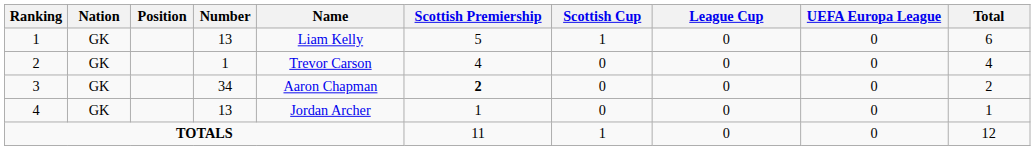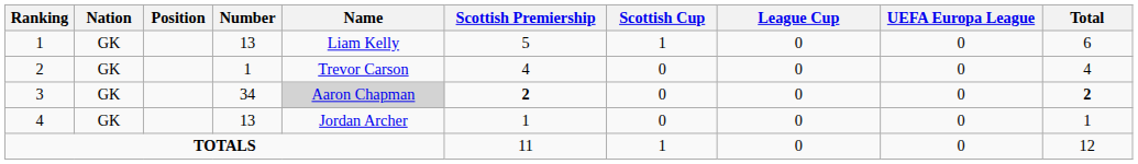 <table class="wikitable" style="font-size: 95%; text-align: center">
 <tr>
 <th width=60>Ranking</th>
 <th width=60>Nation</th>
 <th width=60>Position</th>
 <th width=60>Number</th>
 <th width=150>Name</th>
 <th width=150><a href='#'>Scottish Premiership</a></th>
 <th width=100><a href='#'>Scottish Cup</a></th>
 <th width=150><a href='#'>League Cup</a></th>
 <th width=150><a href='#'>UEFA Europa League</a></th>
 <th width=80>Total</th>
 </tr>
 <tr>
 <td>1</td>
 <td>GK</td>
 <td></td>
 <td>13</td>
 <td><a href='#'>Liam Kelly</a></td>
 <td>5</td>
 <td>1</td>
 <td>0</td>
 <td>0</td>
 <td>6</td>
 </tr>
 <tr>
 <td>2</td>
 <td>GK</td>
 <td></td>
 <td>1</td>
 <td><a href='#'>Trevor Carson</a></td>
 <td>4</td>
 <td>0</td>
 <td>0</td>
 <td>0</td>
 <td>4</td>
 </tr>
 <tr>
 <td>3</td>
 <td>GK</td>
 <td></td>
 <td>34</td>
-<td><a href='#'>Aaron Chapman</a></td>
+<td style="background: lightgrey;"><a href='#'>Aaron Chapman</a></td>
 <td><strong>2</strong></td>
 <td>0</td>
 <td>0</td>
 <td>0</td>
-<td>2</td>
+<td><strong>2</strong></td>
 </tr>
 <tr>
 <td>4</td>
 <td>GK</td>
 <td></td>
 <td>13</td>
 <td><a href='#'>Jordan Archer</a></td>
 <td>1</td>
 <td>0</td>
 <td>0</td>
 <td>0</td>
 <td>1</td>
 </tr>
 <tr>
 <td colspan="5"><strong>TOTALS</strong></td>
 <td>11</td>
 <td>1</td>
 <td>0</td>
 <td>0</td>
 <td>12</td>
 </tr>
 </table>
